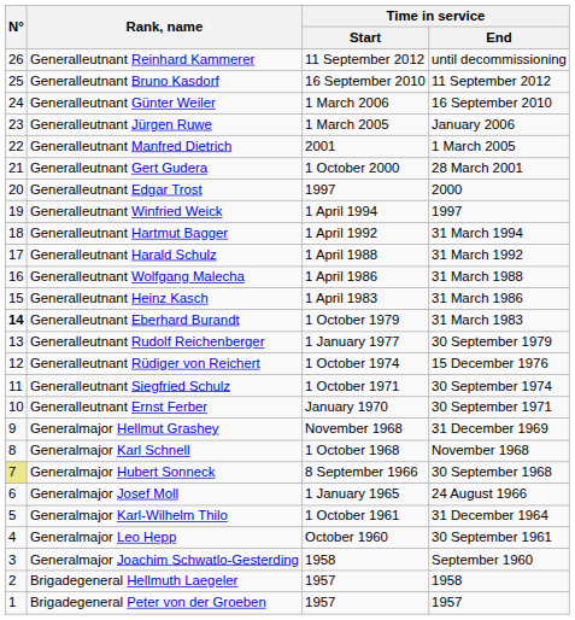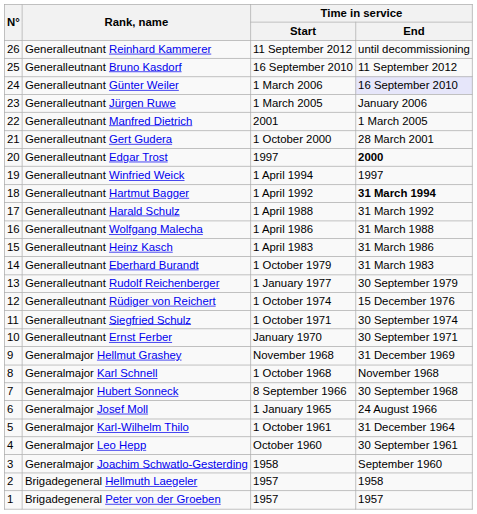 <table class="wikitable">
 <tr>
 <th align="center" rowspan="2">N°</th>
 <th align="center" rowspan="2">Rank, name</th>
 <th align="center" colspan="2">Time in service</th>
 </tr>
 <tr>
 <th>Start</th>
 <th>End</th>
 </tr>
 <tr>
 <td>26</td>
 <td>Generalleutnant <a href='#'>Reinhard Kammerer</a></td>
 <td>11 September 2012</td>
 <td>until decommissioning</td>
 </tr>
 <tr>
 <td>25</td>
 <td>Generalleutnant <a href='#'>Bruno Kasdorf</a></td>
 <td>16 September 2010</td>
 <td>11 September 2012</td>
 </tr>
 <tr>
 <td>24</td>
 <td>Generalleutnant <a href='#'>Günter Weiler</a></td>
 <td>1 March 2006</td>
-<td>16 September 2010</td>
+<td style="background: lavender;">16 September 2010</td>
 </tr>
 <tr>
 <td>23</td>
 <td>Generalleutnant <a href='#'>Jürgen Ruwe</a></td>
 <td>1 March 2005</td>
 <td>January 2006</td>
 </tr>
 <tr>
 <td>22</td>
 <td>Generalleutnant <a href='#'>Manfred Dietrich</a></td>
 <td>2001</td>
 <td>1 March 2005</td>
 </tr>
 <tr>
 <td>21</td>
 <td>Generalleutnant <a href='#'>Gert Gudera</a></td>
 <td>1 October 2000</td>
 <td>28 March 2001</td>
 </tr>
 <tr>
 <td>20</td>
 <td>Generalleutnant <a href='#'>Edgar Trost</a></td>
 <td>1997</td>
-<td>2000</td>
+<td><strong>2000</strong></td>
 </tr>
 <tr>
 <td>19</td>
 <td>Generalleutnant <a href='#'>Winfried Weick</a></td>
 <td>1 April 1994</td>
 <td>1997</td>
 </tr>
 <tr>
 <td>18</td>
 <td>Generalleutnant <a href='#'>Hartmut Bagger</a></td>
 <td>1 April 1992</td>
-<td>31 March 1994</td>
+<td><strong>31 March 1994</strong></td>
 </tr>
 <tr>
 <td>17</td>
 <td>Generalleutnant <a href='#'>Harald Schulz</a></td>
 <td>1 April 1988</td>
 <td>31 March 1992</td>
 </tr>
 <tr>
 <td>16</td>
 <td>Generalleutnant <a href='#'>Wolfgang Malecha</a></td>
 <td>1 April 1986</td>
 <td>31 March 1988</td>
 </tr>
 <tr>
 <td>15</td>
 <td>Generalleutnant <a href='#'>Heinz Kasch</a></td>
 <td>1 April 1983</td>
 <td>31 March 1986</td>
 </tr>
 <tr>
-<td><strong>14</strong></td>
+<td>14</td>
 <td>Generalleutnant <a href='#'>Eberhard Burandt</a></td>
 <td>1 October 1979</td>
 <td>31 March 1983</td>
 </tr>
 <tr>
 <td>13</td>
 <td>Generalleutnant <a href='#'>Rudolf Reichenberger</a></td>
 <td>1 January 1977</td>
 <td>30 September 1979</td>
 </tr>
 <tr>
 <td>12</td>
 <td>Generalleutnant <a href='#'>Rüdiger von Reichert</a></td>
 <td>1 October 1974</td>
 <td>15 December 1976</td>
 </tr>
 <tr>
 <td>11</td>
 <td>Generalleutnant <a href='#'>Siegfried Schulz</a></td>
 <td>1 October 1971</td>
 <td>30 September 1974</td>
 </tr>
 <tr>
 <td>10</td>
 <td>Generalleutnant <a href='#'>Ernst Ferber</a></td>
 <td>January 1970</td>
 <td>30 September 1971</td>
 </tr>
 <tr>
 <td>9</td>
 <td>Generalmajor <a href='#'>Hellmut Grashey</a></td>
 <td>November 1968</td>
 <td>31 December 1969</td>
 </tr>
 <tr>
 <td>8</td>
 <td>Generalmajor <a href='#'>Karl Schnell</a></td>
 <td>1 October 1968</td>
 <td>November 1968</td>
 </tr>
 <tr>
-<td style="background: khaki;">7</td>
+<td>7</td>
 <td>Generalmajor <a href='#'>Hubert Sonneck</a></td>
 <td>8 September 1966</td>
 <td>30 September 1968</td>
 </tr>
 <tr>
 <td>6</td>
 <td>Generalmajor <a href='#'>Josef Moll</a></td>
 <td>1 January 1965</td>
 <td>24 August 1966</td>
 </tr>
 <tr>
 <td>5</td>
 <td>Generalmajor <a href='#'>Karl-Wilhelm Thilo</a></td>
 <td>1 October 1961</td>
 <td>31 December 1964</td>
 </tr>
 <tr>
 <td>4</td>
 <td>Generalmajor <a href='#'>Leo Hepp</a></td>
 <td>October 1960</td>
 <td>30 September 1961</td>
 </tr>
 <tr>
 <td>3</td>
 <td>Generalmajor <a href='#'>Joachim Schwatlo-Gesterding</a></td>
 <td>1958</td>
 <td>September 1960</td>
 </tr>
 <tr>
 <td>2</td>
 <td>Brigadegeneral <a href='#'>Hellmuth Laegeler</a></td>
 <td>1957</td>
 <td>1958</td>
 </tr>
 <tr>
 <td>1</td>
 <td>Brigadegeneral <a href='#'>Peter von der Groeben</a></td>
 <td>1957</td>
 <td>1957</td>
 </tr>
 </table>
